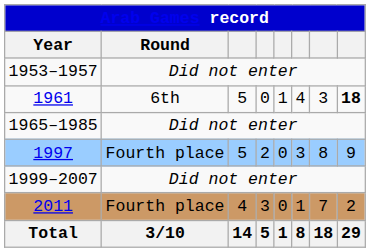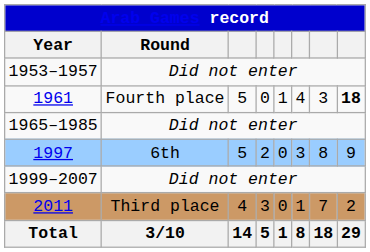 <table class="wikitable" style="text-align: center;font-size:100%">
 <tr>
 <th colspan=8 style="background: #0000CD; color: #FFFFFF;"><a href='#'>Arab Games</a> record</th>
 </tr>
 <tr>
 <th>Year</th>
 <th>Round</th>
 <th></th>
 <th></th>
 <th></th>
 <th></th>
 <th></th>
 <th></th>
 </tr>
 <tr>
 <td>1953–1957</td>
 <td colspan=7><em>Did not enter</em></td>
 </tr>
 <tr>
 <td> <a href='#'>1961</a></td>
-<td>6th</td>
+<td>Fourth place</td>
 <td>5</td>
 <td>0</td>
 <td>1</td>
 <td>4</td>
 <td>3</td>
 <td><strong>18</strong></td>
 </tr>
 <tr>
 <td>1965–1985</td>
 <td colspan=7><em>Did not enter</em></td>
 </tr>
 <tr style="background:#9acdff;">
 <td> <a href='#'>1997</a></td>
-<td>Fourth place</td>
+<td>6th</td>
 <td>5</td>
 <td>2</td>
 <td>0</td>
 <td>3</td>
 <td>8</td>
 <td>9</td>
 </tr>
 <tr>
 <td>1999–2007</td>
 <td colspan=7><em>Did not enter</em></td>
 </tr>
 <tr bgcolor="#cc9966">
 <td> <a href='#'>2011</a></td>
-<td>Fourth place</td>
+<td>Third place</td>
 <td>4</td>
 <td>3</td>
 <td>0</td>
 <td>1</td>
 <td>7</td>
 <td>2</td>
 </tr>
 <tr>
 <th>Total</th>
 <th>3/10</th>
 <th>14</th>
 <th>5</th>
 <th>1</th>
 <th>8</th>
 <th>18</th>
 <th>29</th>
 </tr>
 </table>
